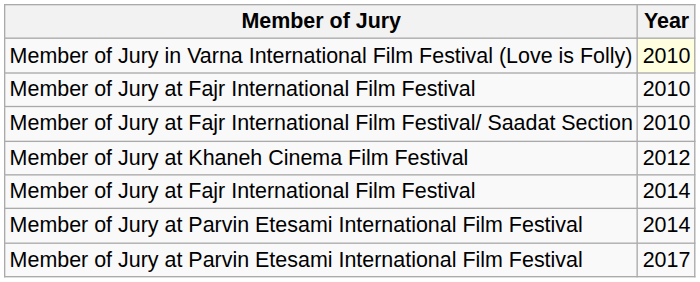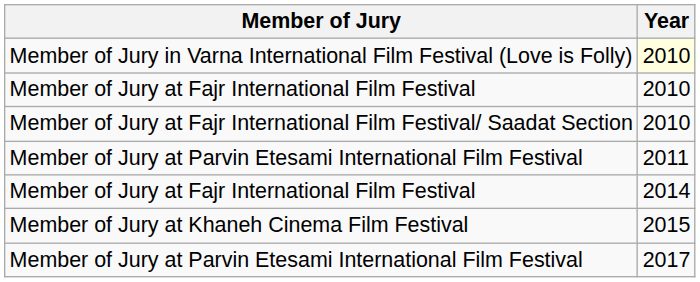 <table class="wikitable">
 <tr>
 <th>Member of Jury</th>
 <th>Year</th>
 </tr>
 <tr>
 <td>Member of Jury in Varna International Film Festival (Love is Folly)</td>
 <td style="background: lightyellow;">2010</td>
 </tr>
 <tr>
 <td>Member of Jury at Fajr International Film Festival</td>
 <td>2010</td>
 </tr>
 <tr>
 <td>Member of Jury at Fajr International Film Festival/ Saadat Section</td>
 <td>2010</td>
 </tr>
 <tr>
-<td>Member of Jury at Khaneh Cinema Film Festival</td>
-<td>2012</td>
+<td>Member of Jury at Parvin Etesami International Film Festival</td>
+<td>2011</td>
 </tr>
 <tr>
 <td>Member of Jury at Fajr International Film Festival</td>
 <td>2014</td>
 </tr>
 <tr>
-<td>Member of Jury at Parvin Etesami International Film Festival</td>
-<td>2014</td>
+<td>Member of Jury at Khaneh Cinema Film Festival</td>
+<td>2015</td>
 </tr>
 <tr>
 <td>Member of Jury at Parvin Etesami International Film Festival</td>
 <td>2017</td>
 </tr>
 </table>
